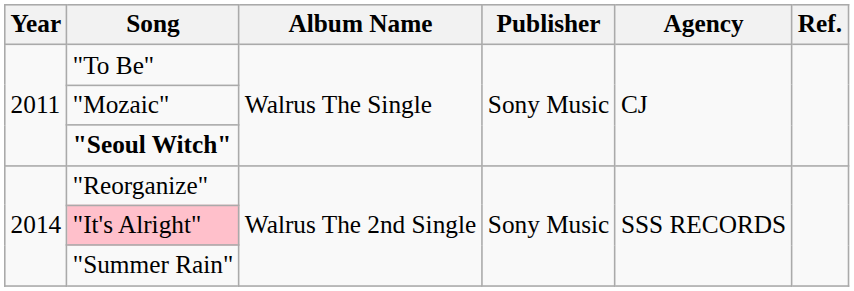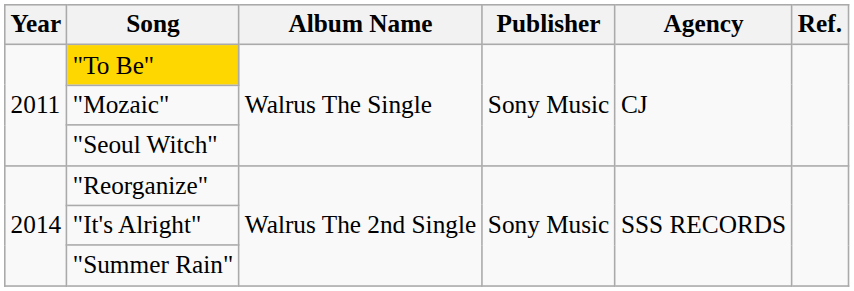 <table class="wikitable">
 <tr>
 <th>Year</th>
 <th>Song</th>
 <th>Album Name</th>
 <th>Publisher</th>
 <th>Agency</th>
 <th>Ref.</th>
 </tr>
 <tr>
 <td rowspan="3">2011</td>
-<td>"To Be"</td>
+<td style="background: gold;">"To Be"</td>
 <td rowspan="3">Walrus The Single</td>
 <td rowspan="3">Sony Music</td>
 <td rowspan="3">CJ</td>
 <td rowspan="3"></td>
 </tr>
 <tr>
 <td>"Mozaic"</td>
 </tr>
 <tr>
-<td><strong>"Seoul Witch"</strong></td>
+<td>"Seoul Witch"</td>
 </tr>
 <tr>
 <td rowspan="3">2014</td>
 <td>"Reorganize"</td>
 <td rowspan="3">Walrus The 2nd Single</td>
 <td rowspan="3">Sony Music</td>
 <td rowspan="3">SSS RECORDS</td>
 <td rowspan="3"></td>
 </tr>
 <tr>
-<td style="background: pink;">"It's Alright"</td>
+<td>"It's Alright"</td>
 </tr>
 <tr>
 <td>"Summer Rain"</td>
 </tr>
 </table>
